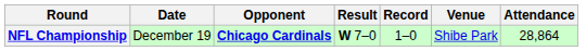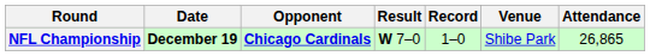 <table class="wikitable" style="text-align:center">
 <tr>
 <th>Round</th>
 <th>Date</th>
 <th>Opponent</th>
 <th>Result</th>
 <th>Record</th>
 <th>Venue</th>
 <th>Attendance</th>
 </tr>
 <tr style="background:#cfc">
 <th><a href='#'>NFL Championship</a></th>
-<td>December 19</td>
+<td><strong>December 19</strong></td>
 <td><strong><a href='#'>Chicago Cardinals</a></strong></td>
 <td><strong>W</strong> 7–0</td>
 <td>1–0</td>
 <td><a href='#'>Shibe Park</a></td>
-<td>28,864</td>
+<td>26,865</td>
 </tr>
 </table>
